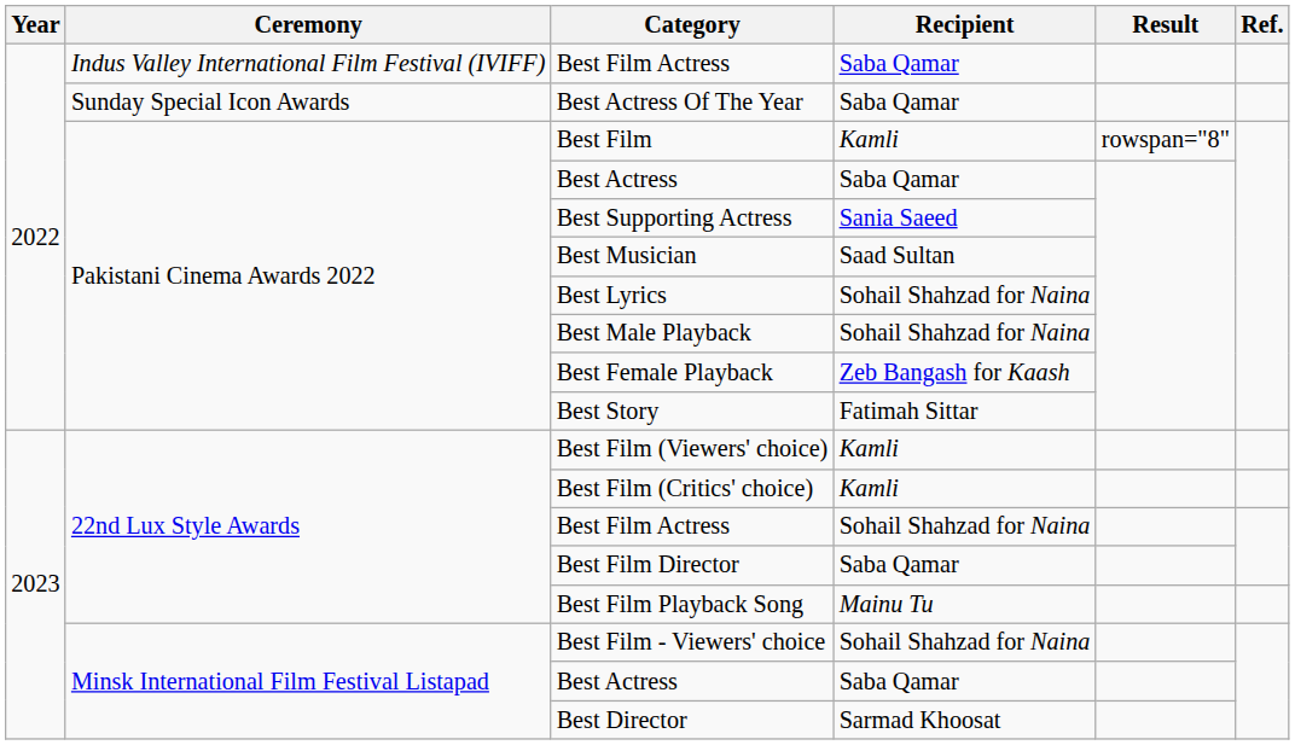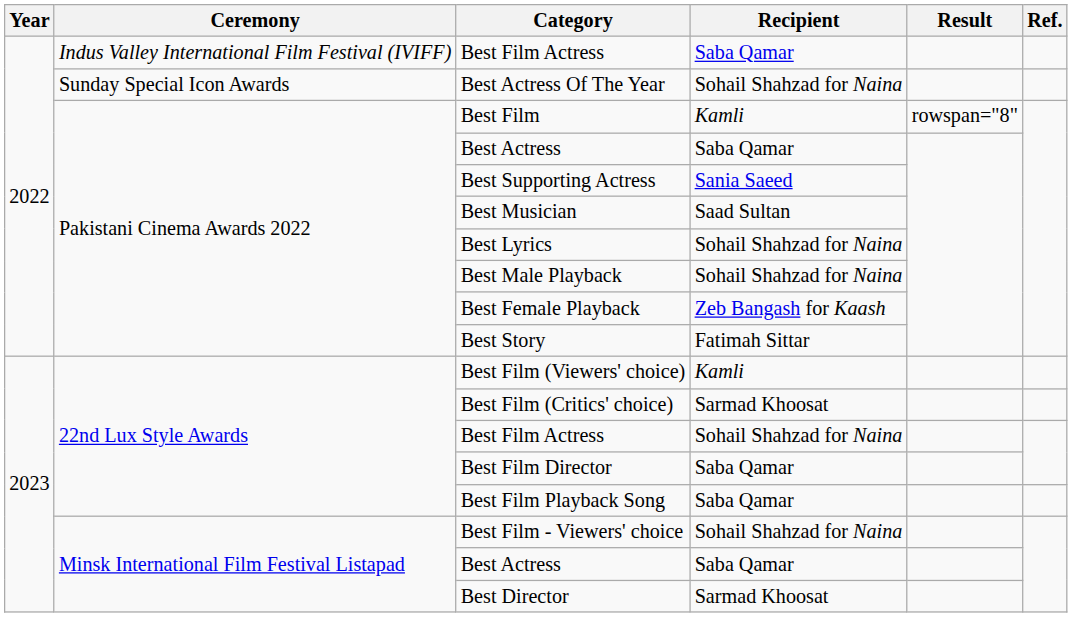 <table class="wikitable style">
 <tr>
 <th>Year</th>
 <th>Ceremony</th>
 <th>Category</th>
 <th>Recipient</th>
 <th>Result</th>
 <th>Ref.</th>
 </tr>
 <tr>
 <td rowspan="10">2022</td>
 <td><em>Indus Valley International Film Festival (IVIFF)</em></td>
 <td>Best Film Actress</td>
 <td><a href='#'>Saba Qamar</a></td>
 <td></td>
 <td></td>
 </tr>
 <tr>
 <td>Sunday Special Icon Awards</td>
 <td>Best Actress Of The Year</td>
-<td>Saba Qamar</td>
+<td>Sohail Shahzad for <em>Naina</em></td>
 <td></td>
 <td></td>
 </tr>
 <tr>
 <td rowspan="8">Pakistani Cinema Awards 2022</td>
 <td>Best Film</td>
 <td><em>Kamli</em></td>
 <td>rowspan="8" </td>
 <td rowspan="8"></td>
 </tr>
 <tr>
 <td>Best Actress</td>
 <td>Saba Qamar</td>
 </tr>
 <tr>
 <td>Best Supporting Actress</td>
 <td><a href='#'>Sania Saeed</a></td>
 </tr>
 <tr>
 <td>Best Musician</td>
 <td>Saad Sultan</td>
 </tr>
 <tr>
 <td>Best Lyrics</td>
 <td>Sohail Shahzad for <em>Naina</em></td>
 </tr>
 <tr>
 <td>Best Male Playback</td>
 <td>Sohail Shahzad for <em>Naina</em></td>
 </tr>
 <tr>
 <td>Best Female Playback</td>
 <td><a href='#'>Zeb Bangash</a> for <em>Kaash</em></td>
 </tr>
 <tr>
 <td>Best Story</td>
 <td>Fatimah Sittar</td>
 </tr>
 <tr>
 <td rowspan="9">2023</td>
 <td rowspan="5"><a href='#'>22nd Lux Style Awards</a></td>
 <td>Best Film (Viewers' choice)</td>
 <td><em>Kamli</em></td>
 <td></td>
 <td></td>
 </tr>
 <tr>
 <td>Best Film (Critics' choice)</td>
-<td><em>Kamli</em></td>
+<td>Sarmad Khoosat</td>
 <td></td>
 <td></td>
 </tr>
 <tr>
 <td>Best Film Actress</td>
 <td>Sohail Shahzad for <em>Naina</em></td>
 <td></td>
 <td rowspan="2"></td>
 </tr>
 <tr>
 <td>Best Film Director</td>
 <td>Saba Qamar</td>
 <td></td>
 </tr>
 <tr>
 <td>Best Film Playback Song</td>
-<td><em>Mainu Tu</em></td>
+<td>Saba Qamar</td>
 <td></td>
 <td></td>
 </tr>
 <tr>
 <td rowspan="3"><a href='#'>Minsk International Film Festival Listapad</a></td>
 <td>Best Film - Viewers' choice</td>
 <td>Sohail Shahzad for <em>Naina</em></td>
 <td></td>
 <td rowspan="3"></td>
 </tr>
 <tr>
 <td>Best Actress</td>
 <td>Saba Qamar</td>
 <td></td>
 </tr>
 <tr>
 <td>Best Director</td>
 <td>Sarmad Khoosat</td>
 <td></td>
 </tr>
 </table>
